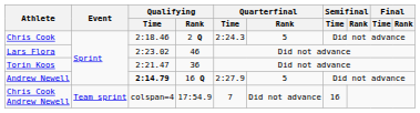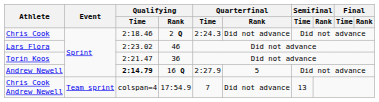 <table class=wikitable style=font-size:90%;text-align:center>
 <tr>
 <th rowspan=2>Athlete</th>
 <th rowspan=2>Event</th>
 <th colspan=2>Qualifying</th>
 <th colspan=2>Quarterfinal</th>
 <th colspan=2>Semifinal</th>
 <th colspan=2>Final</th>
 </tr>
 <tr style=font-size:95%>
 <th>Time</th>
 <th>Rank</th>
 <th>Time</th>
 <th>Rank</th>
 <th>Time</th>
 <th>Rank</th>
 <th>Time</th>
 <th>Rank</th>
 </tr>
 <tr>
 <td align=left><a href='#'>Chris Cook</a></td>
 <td align=left rowspan=4><a href='#'>Sprint</a></td>
 <td>2:18.46</td>
 <td>2 <strong>Q</strong></td>
 <td>2:24.3</td>
-<td>5</td>
+<td>Did not advance</td>
 <td colspan=4>Did not advance</td>
 </tr>
 <tr>
 <td align=left><a href='#'>Lars Flora</a></td>
 <td>2:23.02</td>
 <td>46</td>
 <td colspan=6>Did not advance</td>
 </tr>
 <tr>
 <td align=left><a href='#'>Torin Koos</a></td>
 <td>2:21.47</td>
 <td>36</td>
 <td colspan=6>Did not advance</td>
 </tr>
 <tr>
 <td align=left><a href='#'>Andrew Newell</a></td>
 <td><strong>2:14.79</strong></td>
 <td>16 <strong>Q</strong></td>
 <td>2:27.9</td>
 <td>5</td>
 <td colspan=4>Did not advance</td>
 </tr>
 <tr>
 <td align=left><a href='#'>Chris Cook</a><br><a href='#'>Andrew Newell</a></td>
 <td align=left><a href='#'>Team sprint</a></td>
 <td>colspan=4 </td>
 <td>17:54.9</td>
 <td>7</td>
 <td>Did not advance</td>
-<td>16</td>
+<td>13</td>
 </tr>
 </table>
